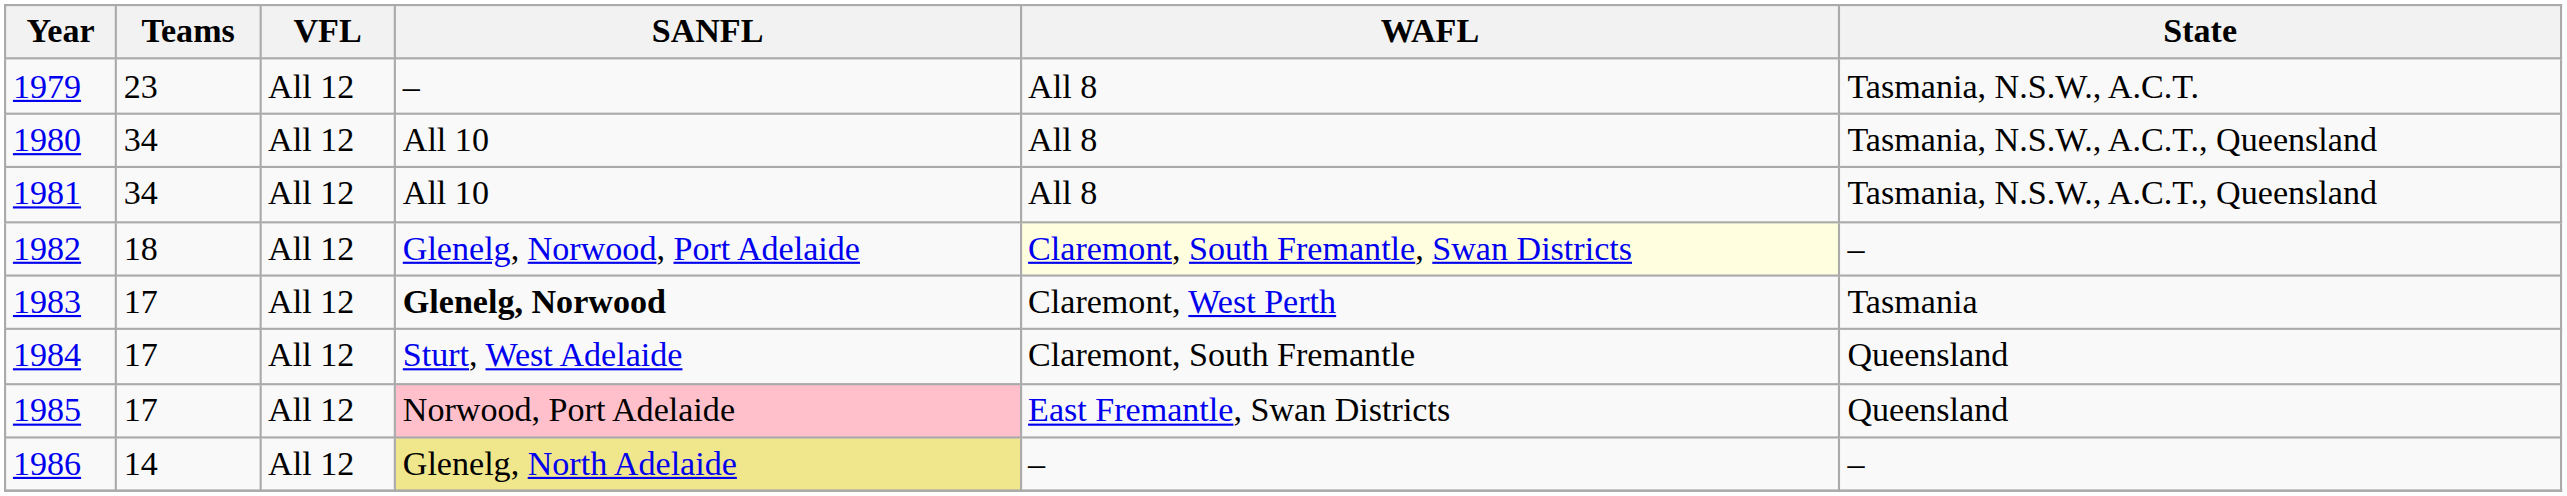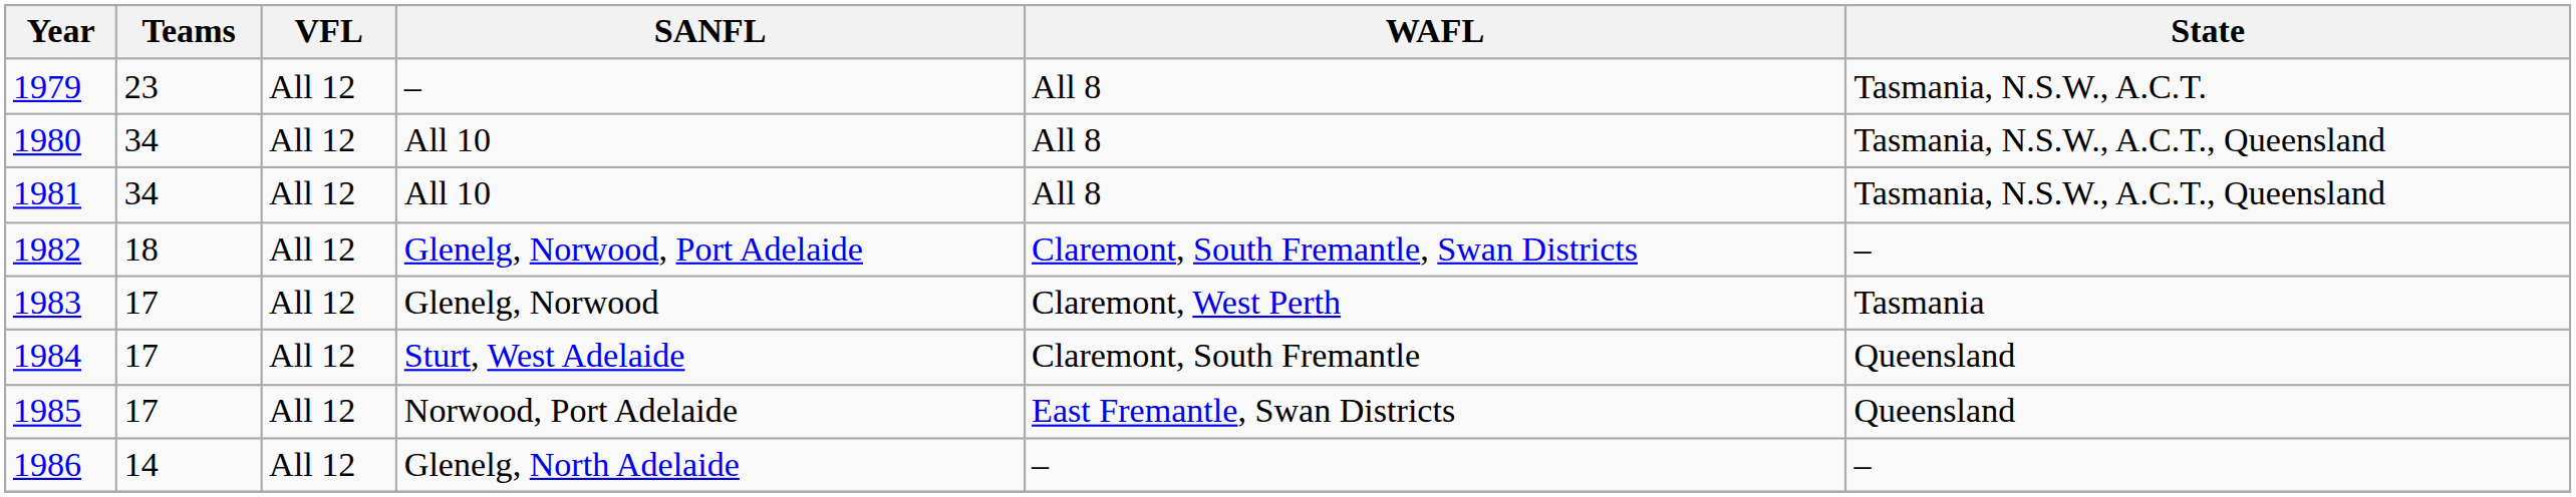 <table class="wikitable" width=95%>
 <tr bgcolor=#efefef>
 <th>Year</th>
 <th>Teams</th>
 <th>VFL</th>
 <th>SANFL</th>
 <th>WAFL</th>
 <th>State</th>
 </tr>
 <tr>
 <td><a href='#'>1979</a></td>
 <td>23</td>
 <td>All 12</td>
 <td>–</td>
 <td>All 8</td>
 <td>Tasmania, N.S.W., A.C.T.</td>
 </tr>
 <tr>
 <td><a href='#'>1980</a></td>
 <td>34</td>
 <td>All 12</td>
 <td>All 10</td>
 <td>All 8</td>
 <td>Tasmania, N.S.W., A.C.T., Queensland</td>
 </tr>
 <tr>
 <td><a href='#'>1981</a></td>
 <td>34</td>
 <td>All 12</td>
 <td>All 10</td>
 <td>All 8</td>
 <td>Tasmania, N.S.W., A.C.T., Queensland</td>
 </tr>
 <tr>
 <td><a href='#'>1982</a></td>
 <td>18</td>
 <td>All 12</td>
 <td><a href='#'>Glenelg</a>, <a href='#'>Norwood</a>, <a href='#'>Port Adelaide</a></td>
-<td style="background: lightyellow;"><a href='#'>Claremont</a>, <a href='#'>South Fremantle</a>, <a href='#'>Swan Districts</a></td>
+<td><a href='#'>Claremont</a>, <a href='#'>South Fremantle</a>, <a href='#'>Swan Districts</a></td>
 <td>–</td>
 </tr>
 <tr>
 <td><a href='#'>1983</a></td>
 <td>17</td>
 <td>All 12</td>
-<td><strong>Glenelg, Norwood</strong></td>
+<td>Glenelg, Norwood</td>
 <td>Claremont, <a href='#'>West Perth</a></td>
 <td>Tasmania</td>
 </tr>
 <tr>
 <td><a href='#'>1984</a></td>
 <td>17</td>
 <td>All 12</td>
 <td><a href='#'>Sturt</a>, <a href='#'>West Adelaide</a></td>
 <td>Claremont, South Fremantle</td>
 <td>Queensland</td>
 </tr>
 <tr>
 <td><a href='#'>1985</a></td>
 <td>17</td>
 <td>All 12</td>
-<td style="background: pink;">Norwood, Port Adelaide</td>
+<td>Norwood, Port Adelaide</td>
 <td><a href='#'>East Fremantle</a>, Swan Districts</td>
 <td>Queensland</td>
 </tr>
 <tr>
 <td><a href='#'>1986</a></td>
 <td>14</td>
 <td>All 12</td>
-<td style="background: khaki;">Glenelg, <a href='#'>North Adelaide</a></td>
+<td>Glenelg, <a href='#'>North Adelaide</a></td>
 <td>–</td>
 <td>–</td>
 </tr>
 <tr>
 </tr>
 </table>
